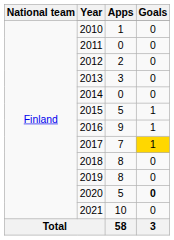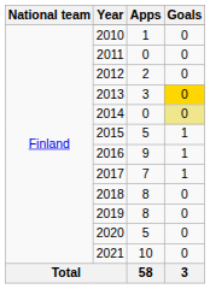 <table class="wikitable" style="text-align: center;">
 <tr>
 <th>National team</th>
 <th>Year</th>
 <th>Apps</th>
 <th>Goals</th>
 </tr>
 <tr>
 <td rowspan="13"><a href='#'>Finland</a></td>
 </tr>
 <tr>
 <td>2010</td>
 <td>1</td>
 <td>0</td>
 </tr>
 <tr>
 <td>2011</td>
 <td>0</td>
 <td>0</td>
 </tr>
 <tr>
 <td>2012</td>
 <td>2</td>
 <td>0</td>
 </tr>
 <tr>
 <td>2013</td>
 <td>3</td>
-<td>0</td>
+<td style="background: gold;">0</td>
 </tr>
 <tr>
 <td>2014</td>
 <td>0</td>
-<td>0</td>
+<td style="background: khaki;">0</td>
 </tr>
 <tr>
 <td>2015</td>
 <td>5</td>
 <td>1</td>
 </tr>
 <tr>
 <td>2016</td>
 <td>9</td>
 <td>1</td>
 </tr>
 <tr>
 <td>2017</td>
 <td>7</td>
-<td style="background: gold;">1</td>
+<td>1</td>
 </tr>
 <tr>
 <td>2018</td>
 <td>8</td>
 <td>0</td>
 </tr>
 <tr>
 <td>2019</td>
 <td>8</td>
 <td>0</td>
 </tr>
 <tr>
 <td>2020</td>
 <td>5</td>
-<td><strong>0</strong></td>
+<td>0</td>
 </tr>
 <tr>
 <td>2021</td>
 <td>10</td>
 <td>0</td>
 </tr>
 <tr>
 <th colspan="2">Total</th>
 <th>58</th>
 <th>3</th>
 </tr>
 </table>
